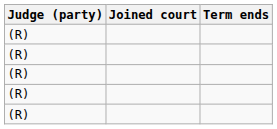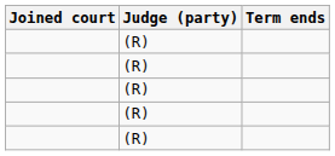 <table class="wikitable" style="border-collapse:collapse;" style="text-align: center" style="text-align: center">
 <tr bgcolor=#dedede>
+<th>Joined court</th>
 <th>Judge (party)</th>
-<th>Joined court</th>
 <th>Term ends</th>
 </tr>
 <tr>
+<td></td>
 <td> (R)</td>
-<td></td>
 <td></td>
 </tr>
 <tr>
+<td></td>
 <td> (R)</td>
-<td></td>
 <td></td>
 </tr>
 <tr>
+<td></td>
 <td> (R)</td>
-<td></td>
 <td></td>
 </tr>
 <tr>
+<td></td>
 <td> (R)</td>
-<td></td>
 <td></td>
 </tr>
 <tr>
+<td></td>
 <td> (R)</td>
-<td></td>
 <td></td>
 </tr>
 </table>
